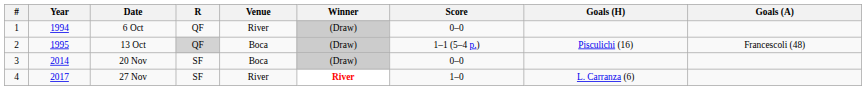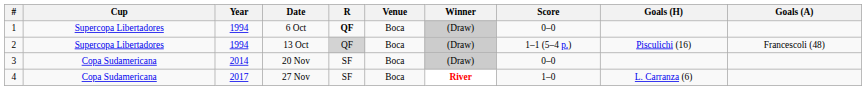 <table class="wikitable sortable" style="width:1100px; text-align:center; margin:0 left; font-size: 12px">
 <tr>
 <th>#</th>
+<th 150px>Cup</th>
 <th 50px>Year</th>
 <th 100px>Date</th>
 <th 50px>R</th>
 <th 100px>Venue</th>
 <th 100px>Winner</th>
 <th 50px>Score</th>
 <th 250px>Goals (H)</th>
 <th 250px>Goals (A)</th>
 </tr>
 <tr>
 <td>1</td>
+<td><a href='#'>Supercopa Libertadores</a></td>
 <td><a href='#'>1994</a></td>
 <td>6 Oct</td>
-<td>QF</td>
-<td>River</td>
+<td><strong>QF</strong></td>
+<td>Boca</td>
 <td style="color:#000000; background:#cccccc">(Draw)</td>
 <td>0–0</td>
 <td></td>
 <td></td>
 </tr>
 <tr>
 <td>2</td>
-<td><a href='#'>1995</a></td>
+<td><a href='#'>Supercopa Libertadores</a></td>
+<td><a href='#'>1994</a></td>
 <td>13 Oct</td>
 <td style="background: lightgrey;">QF</td>
 <td>Boca</td>
 <td style="color:#000000; background:#cccccc">(Draw)</td>
 <td>1–1 (5–4 <a href='#'>p.</a>)</td>
 <td><a href='#'>Pisculichi</a> (16)</td>
 <td>Francescoli (48)</td>
 </tr>
 <tr>
 <td>3</td>
+<td><a href='#'>Copa Sudamericana</a></td>
 <td><a href='#'>2014</a></td>
 <td>20 Nov</td>
 <td>SF</td>
 <td>Boca</td>
 <td style="color:#000000; background:#cccccc">(Draw)</td>
 <td>0–0</td>
 <td></td>
 <td></td>
 </tr>
 <tr>
 <td>4</td>
+<td><a href='#'>Copa Sudamericana</a></td>
 <td><a href='#'>2017</a></td>
 <td>27 Nov</td>
 <td>SF</td>
-<td>River</td>
+<td>Boca</td>
 <td style="color:#ff0000; background:#ffffff"><strong>River</strong></td>
 <td>1–0</td>
 <td><a href='#'>L. Carranza</a> (6)</td>
 <td></td>
 </tr>
 </table>
